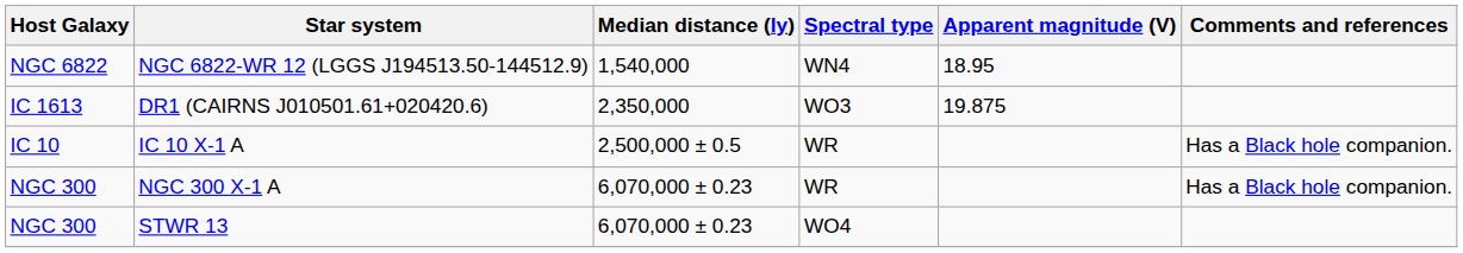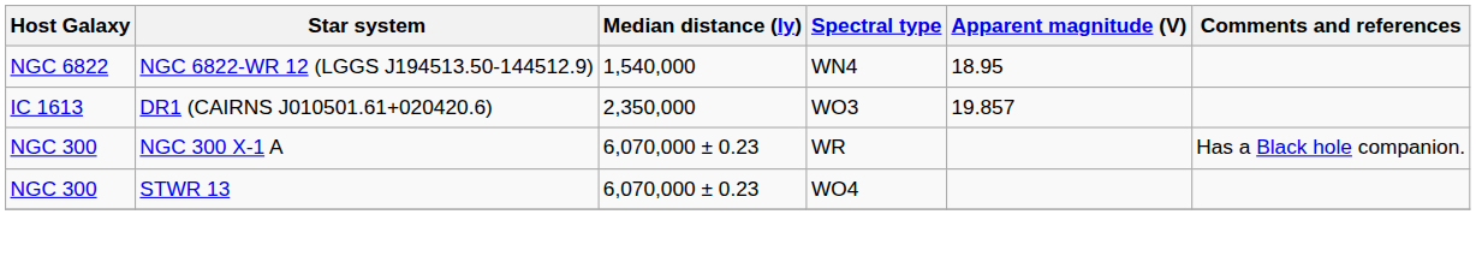 <table class="wikitable sortable" style="font-size:1.00em; line-height:1.5em; position:relative;">
 <tr>
 <th scope="col">Host Galaxy</th>
 <th scope="col">Star system</th>
 <th scope="col">Median distance (<a href='#'>ly</a>)</th>
 <th scope="col"><a href='#'>Spectral type</a></th>
 <th scope="col"><a href='#'>Apparent magnitude</a> (V)</th>
 <th scope="col">Comments and references</th>
 </tr>
 <tr>
 <td><a href='#'>NGC 6822</a></td>
 <td><a href='#'>NGC 6822-WR 12</a> (LGGS J194513.50-144512.9)</td>
 <td>1,540,000</td>
 <td style="background: ">WN4</td>
 <td>18.95</td>
 <td></td>
 </tr>
 <tr>
 <td><a href='#'>IC 1613</a></td>
 <td><a href='#'>DR1</a> (CAIRNS J010501.61+020420.6)</td>
 <td>2,350,000</td>
 <td style="background: ">WO3</td>
-<td>19.875</td>
+<td>19.857</td>
 <td></td>
-</tr>
-<tr>
-<td><a href='#'>IC 10</a></td>
-<td><a href='#'>IC 10 X-1</a> A</td>
-<td>2,500,000 ± 0.5</td>
-<td style="background: ">WR</td>
-<td></td>
-<td>Has a <a href='#'>Black hole</a> companion.</td>
 </tr>
 <tr>
 <td><a href='#'>NGC 300</a></td>
 <td><a href='#'>NGC 300 X-1</a> A</td>
 <td>6,070,000 ± 0.23</td>
 <td style="background: ">WR</td>
 <td></td>
 <td>Has a <a href='#'>Black hole</a> companion.</td>
 </tr>
 <tr>
 <td><a href='#'>NGC 300</a></td>
 <td><a href='#'>STWR 13</a></td>
 <td>6,070,000 ± 0.23</td>
 <td style="background: ">WO4</td>
 <td></td>
 <td></td>
 </tr>
 <tr>
 </tr>
 </table>
